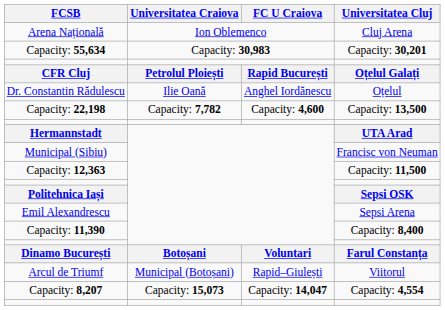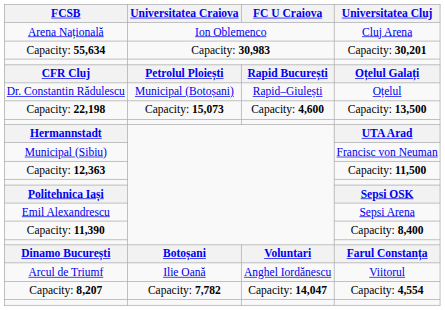 <table class="wikitable" style="text-align:center; margin:0.5em auto;">
 <tr>
 <th><a href='#'>FCSB</a></th>
 <th><a href='#'>Universitatea Craiova</a></th>
 <th><a href='#'>FC U Craiova</a></th>
 <th><a href='#'>Universitatea Cluj</a></th>
 </tr>
 <tr>
 <td><a href='#'>Arena Națională</a></td>
 <td colspan=2><a href='#'>Ion Oblemenco</a></td>
 <td><a href='#'>Cluj Arena</a></td>
 </tr>
 <tr>
 <td>Capacity: <strong>55,634</strong></td>
 <td colspan=2>Capacity: <strong>30,983</strong></td>
 <td>Capacity: <strong>30,201</strong></td>
 </tr>
 <tr>
 <td></td>
 <td colspan=2></td>
 <td></td>
 </tr>
 <tr>
 <th><a href='#'>CFR Cluj</a></th>
 <th><a href='#'>Petrolul Ploiești</a></th>
 <th><a href='#'>Rapid București</a></th>
 <th><a href='#'>Oțelul Galați</a></th>
 </tr>
 <tr>
 <td><a href='#'>Dr. Constantin Rădulescu</a></td>
-<td><a href='#'>Ilie Oană</a></td>
-<td><a href='#'>Anghel Iordănescu</a></td>
+<td><a href='#'>Municipal (Botoșani)</a></td>
+<td><a href='#'>Rapid–Giulești</a></td>
 <td><a href='#'>Oțelul</a></td>
 </tr>
 <tr>
 <td>Capacity: <strong>22,198</strong></td>
-<td>Capacity: <strong>7,782</strong></td>
+<td>Capacity: <strong>15,073</strong></td>
 <td>Capacity: <strong>4,600</strong></td>
 <td>Capacity: <strong>13,500</strong></td>
 </tr>
 <tr>
 <td></td>
 <td></td>
 <td></td>
 <td></td>
 </tr>
 <tr>
 <th><a href='#'>Hermannstadt</a></th>
 <td colspan="2" rowspan="8"><br> </td>
 <th><a href='#'>UTA Arad</a></th>
 </tr>
 <tr>
 <td><a href='#'>Municipal (Sibiu)</a></td>
 <td><a href='#'>Francisc von Neuman</a></td>
 </tr>
 <tr>
 <td>Capacity: <strong>12,363</strong></td>
 <td>Capacity: <strong>11,500</strong></td>
 </tr>
 <tr>
 <td></td>
 <td></td>
 </tr>
 <tr>
 <th><a href='#'>Politehnica Iași</a></th>
 <th><a href='#'>Sepsi OSK</a></th>
 </tr>
 <tr>
 <td><a href='#'>Emil Alexandrescu</a></td>
 <td><a href='#'>Sepsi Arena</a></td>
 </tr>
 <tr>
 <td>Capacity: <strong>11,390</strong></td>
 <td>Capacity: <strong>8,400</strong></td>
 </tr>
 <tr>
 <td></td>
 <td></td>
 </tr>
 <tr>
 <th><a href='#'>Dinamo București</a></th>
 <th><a href='#'>Botoșani</a></th>
 <th><a href='#'>Voluntari</a></th>
 <th><a href='#'>Farul Constanța</a></th>
 </tr>
 <tr>
 <td><a href='#'>Arcul de Triumf</a></td>
-<td><a href='#'>Municipal (Botoșani)</a></td>
-<td><a href='#'>Rapid–Giulești</a></td>
+<td><a href='#'>Ilie Oană</a></td>
+<td><a href='#'>Anghel Iordănescu</a></td>
 <td><a href='#'>Viitorul</a></td>
 </tr>
 <tr>
 <td>Capacity: <strong>8,207</strong></td>
-<td>Capacity: <strong>15,073</strong></td>
+<td>Capacity: <strong>7,782</strong></td>
 <td>Capacity: <strong>14,047</strong></td>
 <td>Capacity: <strong>4,554</strong></td>
 </tr>
 <tr>
 <td></td>
 <td></td>
 <td></td>
 <td></td>
 </tr>
 </table>
